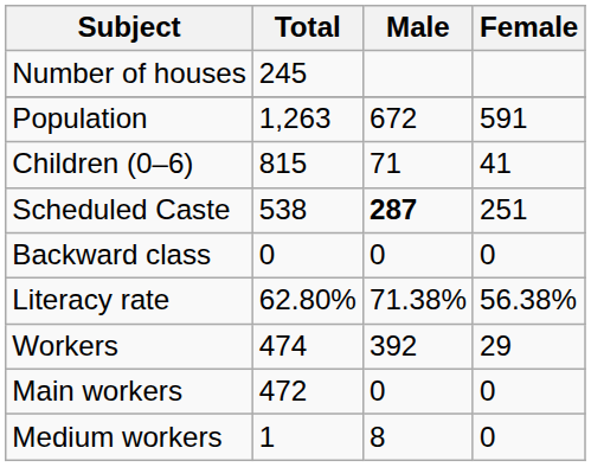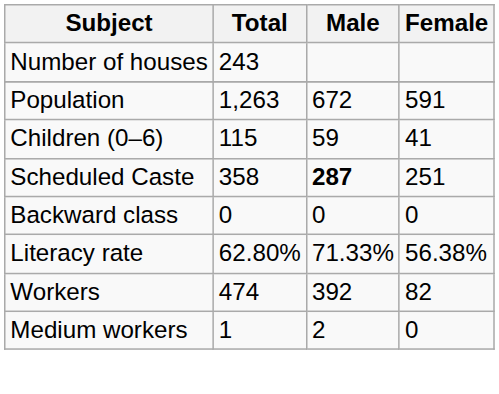 <table class="wikitable" style="text-align:left; hight:70%;">
 <tr>
 <th>Subject</th>
 <th>Total</th>
 <th>Male</th>
 <th>Female</th>
 </tr>
 <tr -bgcolor="#ffcccc">
 <td>Number of houses</td>
-<td>245</td>
+<td>243</td>
 <td></td>
 <td></td>
 </tr>
 <tr>
 </tr>
 <tr -bgcolor="#ccffcc">
 <td>Population</td>
 <td>1,263</td>
 <td>672</td>
 <td>591</td>
 </tr>
 <tr -bgcolor="#ffcccc">
 <td>Children (0–6)</td>
-<td>815</td>
-<td>71</td>
+<td>115</td>
+<td>59</td>
 <td>41</td>
 </tr>
 <tr -bgcolor="#ccffcc">
 <td>Scheduled Caste</td>
-<td>538</td>
+<td>358</td>
 <td><strong>287</strong></td>
 <td>251</td>
 </tr>
 <tr -bgcolor="#ffcccc">
 <td>Backward class</td>
 <td>0</td>
 <td>0</td>
 <td>0</td>
 </tr>
 <tr -bgcolor="#ccffcc">
 <td>Literacy rate</td>
 <td>62.80%</td>
-<td>71.38%</td>
+<td>71.33%</td>
 <td>56.38%</td>
 </tr>
 <tr -bgcolor="#ffcccc">
 <td>Workers</td>
 <td>474</td>
 <td>392</td>
-<td>29</td>
-</tr>
-<tr -bgcolor="#ccffcc">
-<td>Main workers</td>
-<td>472</td>
-<td>0</td>
-<td>0</td>
+<td>82</td>
 </tr>
 <tr -bgcolor="#ffcccc">
 <td>Medium workers</td>
 <td>1</td>
-<td>8</td>
+<td>2</td>
 <td>0</td>
 </tr>
 </table>
